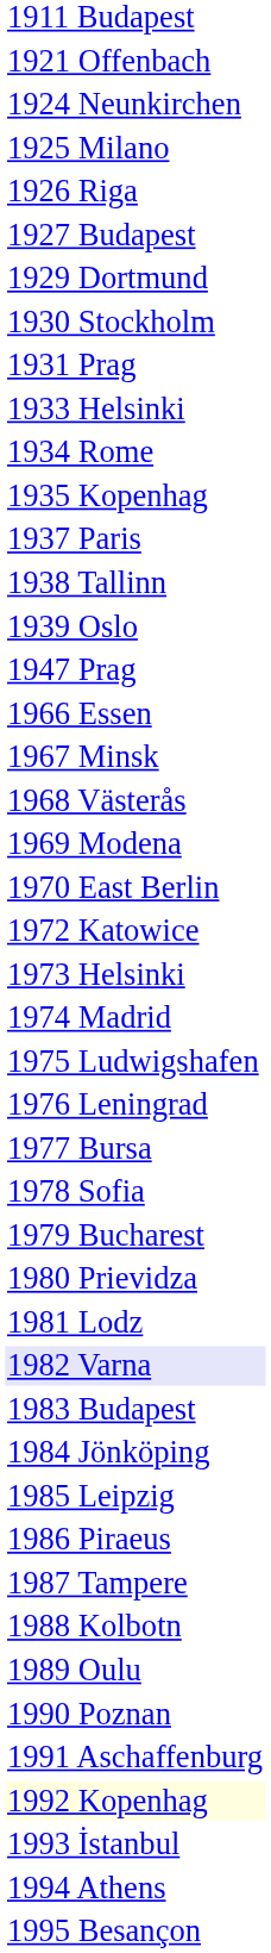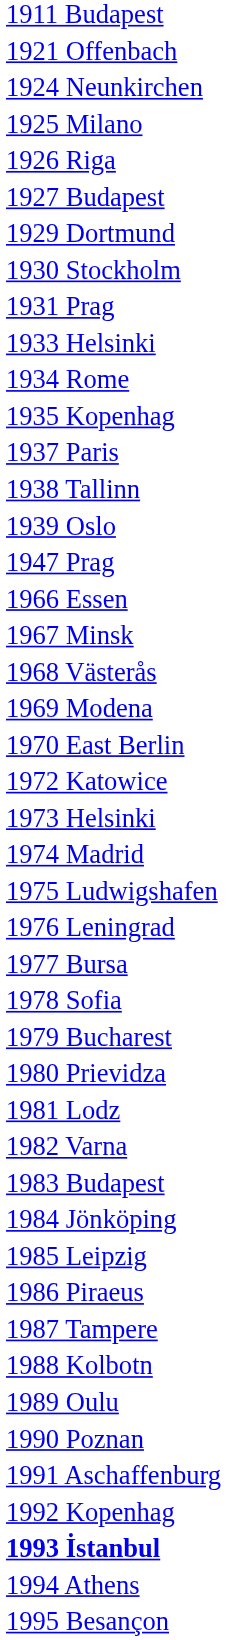 <table>
 <tr>
 <td><a href='#'>1911 Budapest</a></td>
 <td></td>
 <td></td>
 <td></td>
 </tr>
 <tr>
 <td><a href='#'>1921 Offenbach</a></td>
 <td></td>
 <td></td>
 <td></td>
 </tr>
 <tr>
 <td><a href='#'>1924 Neunkirchen</a></td>
 <td></td>
 <td></td>
 <td></td>
 </tr>
 <tr>
 <td><a href='#'>1925 Milano</a></td>
 <td></td>
 <td></td>
 <td></td>
 </tr>
 <tr>
 <td><a href='#'>1926 Riga</a></td>
 <td></td>
 <td></td>
 <td></td>
 </tr>
 <tr>
 <td><a href='#'>1927 Budapest</a></td>
 <td></td>
 <td></td>
 <td></td>
 </tr>
 <tr>
 <td><a href='#'>1929 Dortmund</a></td>
 <td></td>
 <td></td>
 <td></td>
 </tr>
 <tr>
 <td><a href='#'>1930 Stockholm</a></td>
 <td></td>
 <td></td>
 <td></td>
 </tr>
 <tr>
 <td><a href='#'>1931 Prag</a></td>
 <td></td>
 <td></td>
 <td></td>
 </tr>
 <tr>
 <td><a href='#'>1933 Helsinki</a></td>
 <td></td>
 <td></td>
 <td></td>
 </tr>
 <tr>
 <td><a href='#'>1934 Rome</a></td>
 <td></td>
 <td></td>
 <td></td>
 </tr>
 <tr>
 <td><a href='#'>1935 Kopenhag</a></td>
 <td></td>
 <td></td>
 <td></td>
 </tr>
 <tr>
 <td><a href='#'>1937 Paris</a></td>
 <td></td>
 <td></td>
 <td></td>
 </tr>
 <tr>
 <td><a href='#'>1938 Tallinn</a></td>
 <td></td>
 <td></td>
 <td></td>
 </tr>
 <tr>
 <td><a href='#'>1939 Oslo</a></td>
 <td></td>
 <td></td>
 <td></td>
 </tr>
 <tr>
 <td><a href='#'>1947 Prag</a></td>
 <td></td>
 <td></td>
 <td></td>
 </tr>
 <tr>
 <td><a href='#'>1966 Essen</a></td>
 <td></td>
 <td></td>
 <td></td>
 </tr>
 <tr>
 <td><a href='#'>1967 Minsk</a></td>
 <td></td>
 <td></td>
 <td></td>
 </tr>
 <tr>
 <td><a href='#'>1968 Västerås</a></td>
 <td></td>
 <td></td>
 <td></td>
 </tr>
 <tr>
 <td><a href='#'>1969 Modena</a></td>
 <td></td>
 <td></td>
 <td></td>
 </tr>
 <tr>
 <td><a href='#'>1970 East Berlin</a></td>
 <td></td>
 <td></td>
 <td></td>
 </tr>
 <tr>
 <td><a href='#'>1972 Katowice</a></td>
 <td></td>
 <td></td>
 <td></td>
 </tr>
 <tr>
 <td><a href='#'>1973 Helsinki</a></td>
 <td></td>
 <td></td>
 <td></td>
 </tr>
 <tr>
 <td><a href='#'>1974 Madrid</a></td>
 <td></td>
 <td></td>
 <td></td>
 </tr>
 <tr>
 <td><a href='#'>1975 Ludwigshafen</a></td>
 <td></td>
 <td></td>
 <td></td>
 </tr>
 <tr>
 <td><a href='#'>1976 Leningrad</a></td>
 <td></td>
 <td></td>
 <td></td>
 </tr>
 <tr>
 <td><a href='#'>1977 Bursa</a></td>
 <td></td>
 <td></td>
 <td></td>
 </tr>
 <tr>
 <td><a href='#'>1978 Sofia</a></td>
 <td></td>
 <td></td>
 <td></td>
 </tr>
 <tr>
 <td><a href='#'>1979 Bucharest</a></td>
 <td></td>
 <td></td>
 <td></td>
 </tr>
 <tr>
 <td><a href='#'>1980 Prievidza</a></td>
 <td></td>
 <td></td>
 <td></td>
 </tr>
 <tr>
 <td><a href='#'>1981 Lodz</a></td>
 <td></td>
 <td></td>
 <td></td>
 </tr>
 <tr>
-<td style="background: lavender;"><a href='#'>1982 Varna</a></td>
+<td><a href='#'>1982 Varna</a></td>
 <td></td>
 <td></td>
 <td></td>
 </tr>
 <tr>
 <td><a href='#'>1983 Budapest</a></td>
 <td></td>
 <td></td>
 <td></td>
 </tr>
 <tr>
 <td><a href='#'>1984 Jönköping</a></td>
 <td></td>
 <td></td>
 <td></td>
 </tr>
 <tr>
 <td><a href='#'>1985 Leipzig</a></td>
 <td></td>
 <td></td>
 <td></td>
 </tr>
 <tr>
 <td><a href='#'>1986 Piraeus</a></td>
 <td></td>
 <td></td>
 <td></td>
 </tr>
 <tr>
 <td><a href='#'>1987 Tampere</a></td>
 <td></td>
 <td></td>
 <td></td>
 </tr>
 <tr>
 <td><a href='#'>1988 Kolbotn</a></td>
 <td></td>
 <td></td>
 <td></td>
 </tr>
 <tr>
 <td><a href='#'>1989 Oulu</a></td>
 <td></td>
 <td></td>
 <td></td>
 </tr>
 <tr>
 <td><a href='#'>1990 Poznan</a></td>
 <td></td>
 <td></td>
 <td></td>
 </tr>
 <tr>
 <td><a href='#'>1991 Aschaffenburg</a></td>
 <td></td>
 <td></td>
 <td></td>
 </tr>
 <tr>
-<td style="background: lightyellow;"><a href='#'>1992 Kopenhag</a></td>
+<td><a href='#'>1992 Kopenhag</a></td>
 <td></td>
 <td></td>
 <td></td>
 </tr>
 <tr>
-<td><a href='#'>1993 İstanbul</a></td>
+<td><strong><a href='#'>1993 İstanbul</a></strong></td>
 <td></td>
 <td></td>
 <td></td>
 </tr>
 <tr>
 <td><a href='#'>1994 Athens</a></td>
 <td></td>
 <td></td>
 <td></td>
 </tr>
 <tr>
 <td><a href='#'>1995 Besançon</a></td>
 <td></td>
 <td></td>
 <td></td>
 </tr>
 <tr>
 </tr>
 </table>
